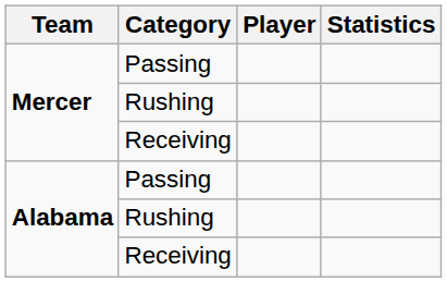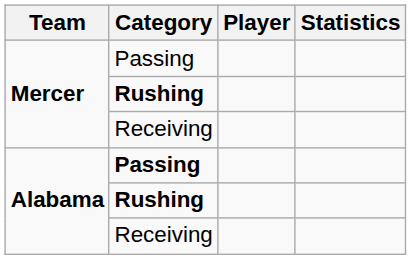 <table class="wikitable" style="float: right;">
 <tr>
 <th>Team</th>
 <th>Category</th>
 <th>Player</th>
 <th>Statistics</th>
 </tr>
 <tr>
 <td rowspan=3><strong>Mercer</strong></td>
 <td>Passing</td>
 <td></td>
 <td></td>
 </tr>
 <tr>
-<td>Rushing</td>
+<td><strong>Rushing</strong></td>
 <td></td>
 <td></td>
 </tr>
 <tr>
 <td>Receiving</td>
 <td></td>
 <td></td>
 </tr>
 <tr>
 <td rowspan=3><strong>Alabama</strong></td>
-<td>Passing</td>
+<td><strong>Passing</strong></td>
 <td></td>
 <td></td>
 </tr>
 <tr>
-<td>Rushing</td>
+<td><strong>Rushing</strong></td>
 <td></td>
 <td></td>
 </tr>
 <tr>
 <td>Receiving</td>
 <td></td>
 <td></td>
 </tr>
 </table>
